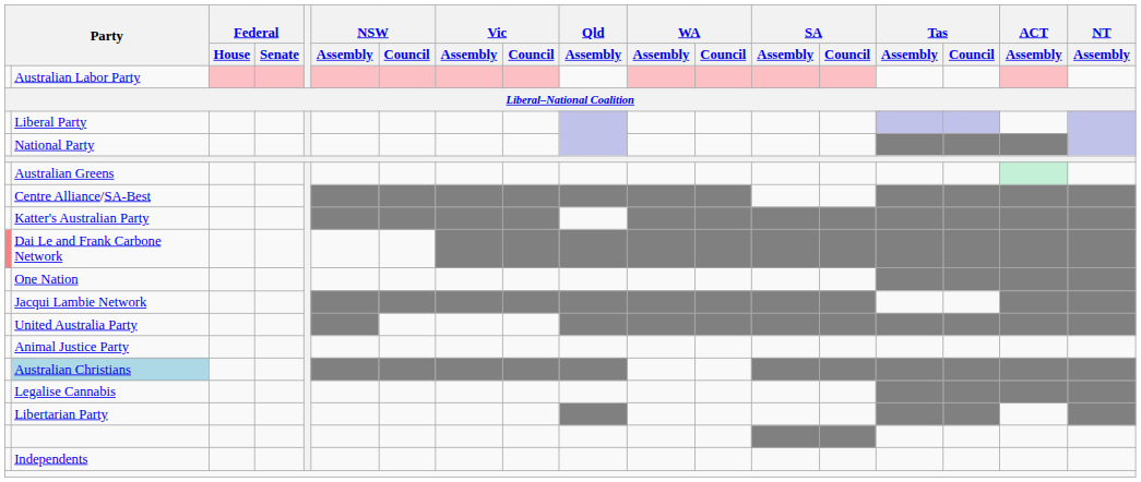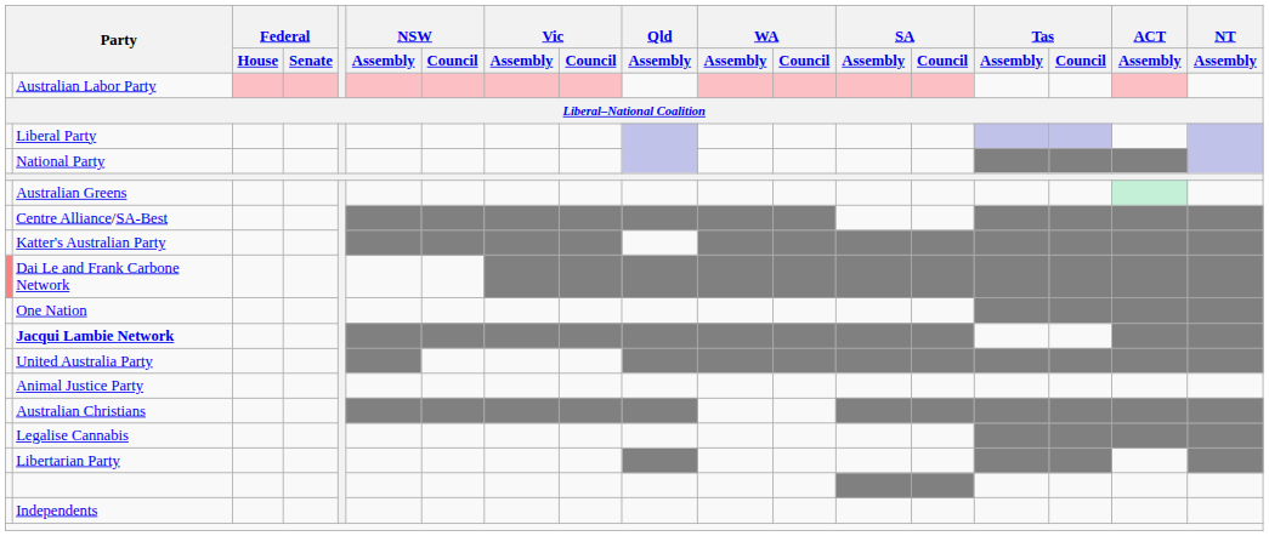 <table class="wikitable" style="width:100%; font-size:96%;">
 <tr>
 <th colspan="2" rowspan="2" width="18%">Party</th>
 <th colspan="2"><br><a href='#'>Federal</a></th>
 <th rowspan=3></th>
 <th colspan="2"><br><a href='#'>NSW</a></th>
 <th colspan="2"><br><a href='#'>Vic</a></th>
 <th><br><a href='#'>Qld</a></th>
 <th colspan="2"><br><a href='#'>WA</a></th>
 <th colspan="2"><br><a href='#'>SA</a></th>
 <th colspan="2"><br><a href='#'>Tas</a></th>
 <th><br><a href='#'>ACT</a></th>
 <th><br><a href='#'>NT</a></th>
 </tr>
 <tr>
 <th><a href='#'>House</a></th>
 <th><a href='#'>Senate</a></th>
 <th><a href='#'>Assembly</a></th>
 <th><a href='#'>Council</a></th>
 <th><a href='#'>Assembly</a></th>
 <th><a href='#'>Council</a></th>
 <th><a href='#'>Assembly</a></th>
 <th><a href='#'>Assembly</a></th>
 <th><a href='#'>Council</a></th>
 <th><a href='#'>Assembly</a></th>
 <th><a href='#'>Council</a></th>
 <th><a href='#'>Assembly</a></th>
 <th><a href='#'>Council</a></th>
 <th><a href='#'>Assembly</a></th>
 <th><a href='#'>Assembly</a></th>
 </tr>
 <tr>
 <td></td>
 <td><a href='#'>Australian Labor Party</a></td>
 <td style="background:#FBBFC4"></td>
 <td style="background:#FBBFC4"></td>
 <td style="background:#FBBFC4"></td>
 <td style="background:#FBBFC4"></td>
 <td style="background:#FBBFC4"></td>
 <td style="background:#FBBFC4"></td>
 <td></td>
 <td style="background:#FBBFC4"></td>
 <td style="background:#FBBFC4"></td>
 <td style="background:#FBBFC4"></td>
 <td style="background:#FBBFC4"></td>
 <td></td>
 <td></td>
 <td style="background:#FBBFC4"></td>
 <td></td>
 </tr>
 <tr>
 <th colspan="19"><small><em><a href='#'>Liberal–National Coalition</a></em></small></th>
 </tr>
 <tr>
 <td></td>
 <td><a href='#'>Liberal Party</a></td>
 <td></td>
 <td></td>
 <th rowspan=2></th>
 <td></td>
 <td></td>
 <td></td>
 <td></td>
 <td style="background:#C1C2EA" , rowspan="2"></td>
 <td></td>
 <td></td>
 <td></td>
 <td></td>
 <td style="background:#C1C2EA"></td>
 <td style="background:#C1C2EA"></td>
 <td></td>
 <td style="background:#C1C2EA", rowspan="2"></td>
 </tr>
 <tr>
 <td></td>
 <td><a href='#'>National Party</a></td>
 <td></td>
 <td></td>
 <td></td>
 <td></td>
 <td></td>
 <td></td>
 <td></td>
 <td></td>
 <td></td>
 <td></td>
 <td style="background: grey"></td>
 <td style="background: grey"></td>
 <td style="background: grey"></td>
 </tr>
 <tr>
 <th colspan="19"></th>
 </tr>
 <tr>
 <td></td>
 <td><a href='#'>Australian Greens</a></td>
 <td></td>
 <td></td>
 <th rowspan="13"></th>
 <td></td>
 <td></td>
 <td></td>
 <td></td>
 <td></td>
 <td></td>
 <td></td>
 <td></td>
 <td></td>
 <td></td>
 <td></td>
 <td style="background:#C3F0D6"></td>
 <td></td>
 </tr>
 <tr>
 <td></td>
 <td><a href='#'>Centre Alliance</a>/<a href='#'>SA-Best</a></td>
 <td></td>
 <td></td>
 <td style="background: grey"></td>
 <td style="background: grey"></td>
 <td style="background: grey"></td>
 <td style="background: grey"></td>
 <td style="background: grey"></td>
 <td style="background: grey"></td>
 <td style="background: grey"></td>
 <td></td>
 <td></td>
 <td style="background: grey"></td>
 <td style="background: grey"></td>
 <td style="background: grey"></td>
 <td style="background: grey"></td>
 </tr>
 <tr>
 <td></td>
 <td><a href='#'>Katter's Australian Party</a></td>
 <td></td>
 <td></td>
 <td style="background: grey"></td>
 <td style="background: grey"></td>
 <td style="background: grey"></td>
 <td style="background: grey"></td>
 <td></td>
 <td style="background: grey"></td>
 <td style="background: grey"></td>
 <td style="background: grey"></td>
 <td style="background: grey"></td>
 <td style="background: grey"></td>
 <td style="background: grey"></td>
 <td style="background: grey"></td>
 <td style="background: grey"></td>
 </tr>
 <tr>
 <td bgcolor="#FF7F7F"></td>
 <td><a href='#'>Dai Le and Frank Carbone Network</a></td>
 <td></td>
 <td></td>
 <td></td>
 <td></td>
 <td style="background: grey"></td>
 <td style="background: grey"></td>
 <td style="background: grey"></td>
 <td style="background: grey"></td>
 <td style="background: grey"></td>
 <td style="background: grey"></td>
 <td style="background: grey"></td>
 <td style="background: grey"></td>
 <td style="background: grey"></td>
 <td style="background: grey"></td>
 <td style="background: grey"></td>
 </tr>
 <tr>
 <td></td>
 <td><a href='#'>One Nation</a></td>
 <td></td>
 <td></td>
 <td></td>
 <td></td>
 <td></td>
 <td></td>
 <td></td>
 <td></td>
 <td></td>
 <td></td>
 <td></td>
 <td style="background: grey"></td>
 <td style="background: grey"></td>
 <td style="background: grey"></td>
 <td style="background: grey"></td>
 </tr>
 <tr>
 <td></td>
-<td><a href='#'>Jacqui Lambie Network</a></td>
+<td><strong><a href='#'>Jacqui Lambie Network</a></strong></td>
 <td></td>
 <td></td>
 <td style="background: grey"></td>
 <td style="background: grey"></td>
 <td style="background: grey"></td>
 <td style="background: grey"></td>
 <td style="background: grey"></td>
 <td style="background: grey"></td>
 <td style="background: grey"></td>
 <td style="background: grey"></td>
 <td style="background: grey"></td>
 <td></td>
 <td></td>
 <td style="background: grey"></td>
 <td style="background: grey"></td>
 </tr>
 <tr>
 <td></td>
 <td><a href='#'>United Australia Party</a></td>
 <td></td>
 <td></td>
 <td style="background: grey"></td>
 <td></td>
 <td></td>
 <td></td>
 <td style="background: grey"></td>
 <td style="background: grey"></td>
 <td style="background: grey"></td>
 <td style="background: grey"></td>
 <td style="background: grey"></td>
 <td style="background: grey"></td>
 <td style="background: grey"></td>
 <td style="background: grey"></td>
 <td style="background: grey"></td>
 </tr>
 <tr>
 <td><br></td>
 <td><a href='#'>Animal Justice Party</a></td>
 <td></td>
 <td></td>
 <td></td>
 <td></td>
 <td></td>
 <td></td>
 <td></td>
 <td></td>
 <td></td>
 <td></td>
 <td></td>
 <td></td>
 <td></td>
 <td></td>
 <td></td>
 </tr>
 <tr>
 <td><br></td>
-<td style="background: lightblue;"><a href='#'>Australian Christians</a></td>
+<td><a href='#'>Australian Christians</a></td>
 <td></td>
 <td></td>
 <td style="background: grey"></td>
 <td style="background: grey"></td>
 <td style="background: grey"></td>
 <td style="background: grey"></td>
 <td style="background: grey"></td>
 <td></td>
 <td></td>
 <td style="background: grey"></td>
 <td style="background: grey"></td>
 <td style="background: grey"></td>
 <td style="background: grey"></td>
 <td style="background: grey"></td>
 <td style="background: grey"></td>
 </tr>
 <tr>
 <td><br></td>
 <td><a href='#'>Legalise Cannabis</a></td>
 <td></td>
 <td></td>
 <td></td>
 <td></td>
 <td></td>
 <td></td>
 <td></td>
 <td></td>
 <td></td>
 <td></td>
 <td></td>
 <td style="background: grey"></td>
 <td style="background: grey"></td>
 <td style="background: grey"></td>
 <td style="background: grey"></td>
 </tr>
 <tr>
 <td><br></td>
 <td><a href='#'>Libertarian Party</a></td>
 <td></td>
 <td></td>
 <td></td>
 <td></td>
 <td></td>
 <td></td>
 <td style="background: grey"></td>
 <td></td>
 <td></td>
 <td></td>
 <td></td>
 <td style="background: grey"></td>
 <td style="background: grey"></td>
 <td></td>
 <td style="background: grey"></td>
 </tr>
 <tr>
 <td><br></td>
 <td></td>
 <td></td>
 <td></td>
 <td></td>
 <td></td>
 <td></td>
 <td></td>
 <td></td>
 <td></td>
 <td></td>
 <td style="background: grey"></td>
 <td style="background: grey"></td>
 <td></td>
 <td></td>
 <td></td>
 <td></td>
 </tr>
 <tr>
 <td></td>
 <td><a href='#'>Independents</a></td>
 <td></td>
 <td></td>
 <td></td>
 <td></td>
 <td></td>
 <td></td>
 <td></td>
 <td></td>
 <td></td>
 <td></td>
 <td></td>
 <td></td>
 <td></td>
 <td></td>
 <td></td>
 </tr>
 <tr>
 <td colspan="18"></td>
 </tr>
 </table>
